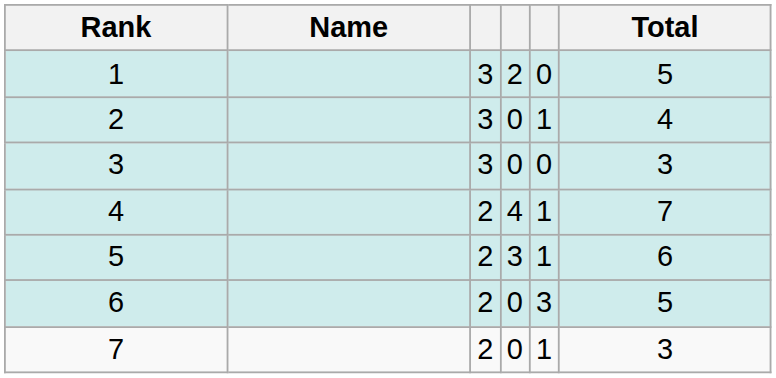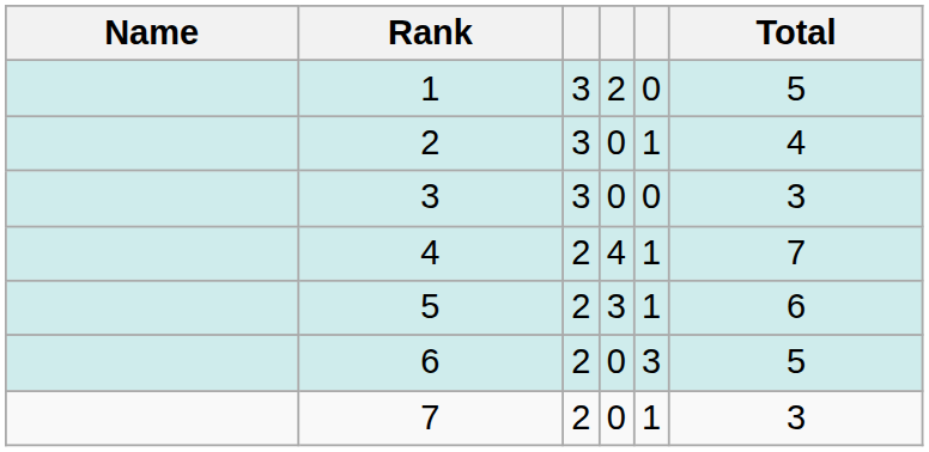 <table class="wikitable" width=48% style="text-align:center">
 <tr>
+<th>Name</th>
 <th>Rank</th>
-<th>Name</th>
 <th style="width:2%;" bgcolor=gold></th>
 <th style="width:2%;" bgcolor=silver></th>
 <th style="width:2%;" bgcolor=cc9966></th>
 <th>Total</th>
 </tr>
 <tr style="background:#CFECEC">
+<td align=left></td>
 <td>1</td>
-<td align=left></td>
 <td>3</td>
 <td>2</td>
 <td>0</td>
 <td>5</td>
 </tr>
 <tr style="background:#CFECEC">
+<td align=left></td>
 <td>2</td>
-<td align=left></td>
 <td>3</td>
 <td>0</td>
 <td>1</td>
 <td>4</td>
 </tr>
 <tr style="background:#CFECEC">
+<td align=left></td>
 <td>3</td>
-<td align=left></td>
 <td>3</td>
 <td>0</td>
 <td>0</td>
 <td>3</td>
 </tr>
 <tr style="background:#CFECEC">
+<td align=left></td>
 <td>4</td>
-<td align=left></td>
 <td>2</td>
 <td>4</td>
 <td>1</td>
 <td>7</td>
 </tr>
 <tr style="background:#CFECEC">
+<td align=left></td>
 <td>5</td>
-<td align=left></td>
 <td>2</td>
 <td>3</td>
 <td>1</td>
 <td>6</td>
 </tr>
 <tr style="background:#CFECEC">
+<td align=left></td>
 <td>6</td>
-<td align=left></td>
 <td>2</td>
 <td>0</td>
 <td>3</td>
 <td>5</td>
 </tr>
 <tr>
+<td align=left></td>
 <td>7</td>
-<td align=left></td>
 <td>2</td>
 <td>0</td>
 <td>1</td>
 <td>3</td>
 </tr>
 </table>
